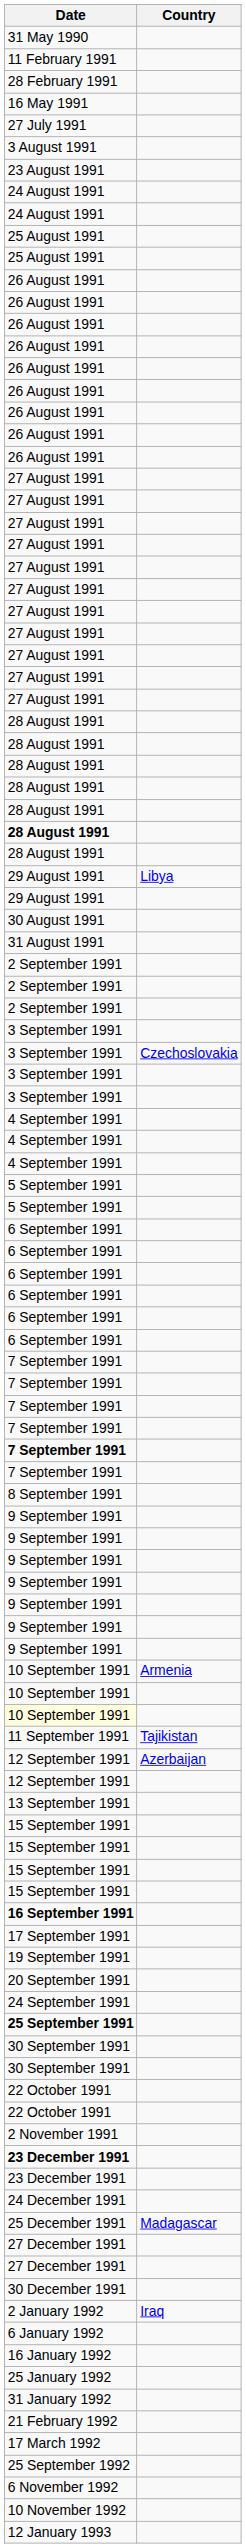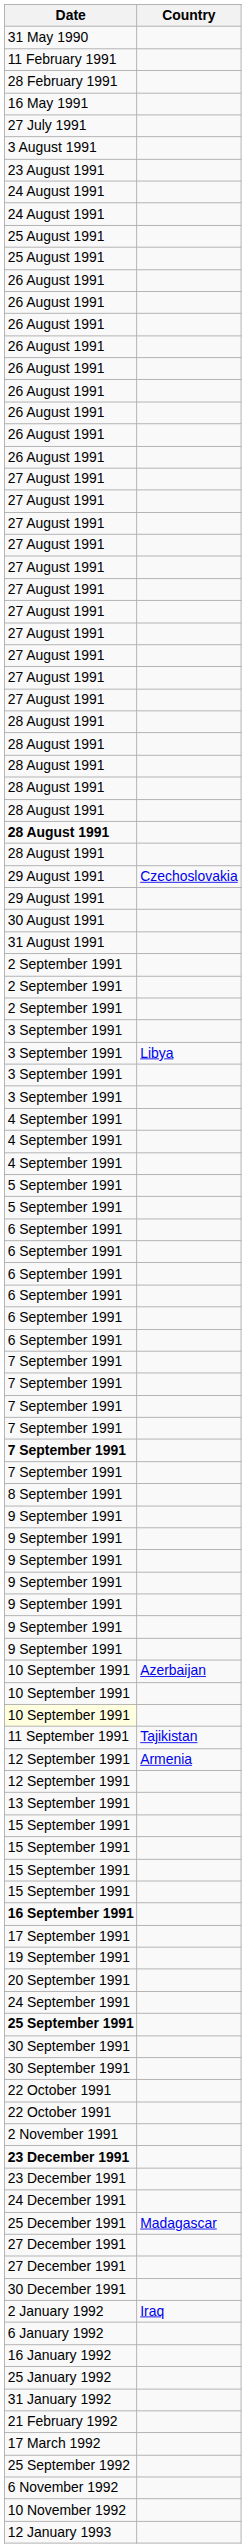 <table class="wikitable sortable">
 <tr>
 <th scope="col" data-sort-type="date">Date</th>
 <th scope="col">Country</th>
 </tr>
 <tr>
 <td>31 May 1990</td>
 <td></td>
 </tr>
 <tr>
 <td>11 February 1991</td>
 <td></td>
 </tr>
 <tr>
 <td>28 February 1991</td>
 <td></td>
 </tr>
 <tr>
 <td>16 May 1991</td>
 <td></td>
 </tr>
 <tr>
 <td>27 July 1991</td>
 <td></td>
 </tr>
 <tr>
 <td>3 August 1991</td>
 <td></td>
 </tr>
 <tr>
 <td>23 August 1991</td>
 <td></td>
 </tr>
 <tr>
 <td>24 August 1991</td>
 <td></td>
 </tr>
 <tr>
 <td>24 August 1991</td>
 <td></td>
 </tr>
 <tr>
 <td>25 August 1991</td>
 <td></td>
 </tr>
 <tr>
 <td>25 August 1991</td>
 <td></td>
 </tr>
 <tr>
 <td>26 August 1991</td>
 <td></td>
 </tr>
 <tr>
 <td>26 August 1991</td>
 <td></td>
 </tr>
 <tr>
 <td>26 August 1991</td>
 <td></td>
 </tr>
 <tr>
 <td>26 August 1991</td>
 <td></td>
 </tr>
 <tr>
 <td>26 August 1991</td>
 <td></td>
 </tr>
 <tr>
 <td>26 August 1991</td>
 <td></td>
 </tr>
 <tr>
 <td>26 August 1991</td>
 <td></td>
 </tr>
 <tr>
 <td>26 August 1991</td>
 <td></td>
 </tr>
 <tr>
 <td>26 August 1991</td>
 <td></td>
 </tr>
 <tr>
 <td>27 August 1991</td>
 <td></td>
 </tr>
 <tr>
 <td>27 August 1991</td>
 <td></td>
 </tr>
 <tr>
 <td>27 August 1991</td>
 <td></td>
 </tr>
 <tr>
 <td>27 August 1991</td>
 <td></td>
 </tr>
 <tr>
 <td>27 August 1991</td>
 <td></td>
 </tr>
 <tr>
 <td>27 August 1991</td>
 <td></td>
 </tr>
 <tr>
 <td>27 August 1991</td>
 <td></td>
 </tr>
 <tr>
 <td>27 August 1991</td>
 <td></td>
 </tr>
 <tr>
 <td>27 August 1991</td>
 <td></td>
 </tr>
 <tr>
 <td>27 August 1991</td>
 <td></td>
 </tr>
 <tr>
 <td>27 August 1991</td>
 <td></td>
 </tr>
 <tr>
 <td>28 August 1991</td>
 <td></td>
 </tr>
 <tr>
 <td>28 August 1991</td>
 <td></td>
 </tr>
 <tr>
 <td>28 August 1991</td>
 <td></td>
 </tr>
 <tr>
 <td>28 August 1991</td>
 <td></td>
 </tr>
 <tr>
 <td>28 August 1991</td>
 <td></td>
 </tr>
 <tr>
 <td><strong>28 August 1991</strong></td>
 <td></td>
 </tr>
 <tr>
 <td>28 August 1991</td>
 <td></td>
 </tr>
 <tr>
 <td>29 August 1991</td>
-<td> <a href='#'>Libya</a></td>
+<td> <a href='#'>Czechoslovakia</a></td>
 </tr>
 <tr>
 <td>29 August 1991</td>
 <td></td>
 </tr>
 <tr>
 <td>30 August 1991</td>
 <td></td>
 </tr>
 <tr>
 <td>31 August 1991</td>
 <td></td>
 </tr>
 <tr>
 <td>2 September 1991</td>
 <td></td>
 </tr>
 <tr>
 <td>2 September 1991</td>
 <td></td>
 </tr>
 <tr>
 <td>2 September 1991</td>
 <td></td>
 </tr>
 <tr>
 <td>3 September 1991</td>
 <td></td>
 </tr>
 <tr>
 <td>3 September 1991</td>
-<td> <a href='#'>Czechoslovakia</a></td>
+<td> <a href='#'>Libya</a></td>
 </tr>
 <tr>
 <td>3 September 1991</td>
 <td></td>
 </tr>
 <tr>
 <td>3 September 1991</td>
 <td></td>
 </tr>
 <tr>
 <td>4 September 1991</td>
 <td></td>
 </tr>
 <tr>
 <td>4 September 1991</td>
 <td></td>
 </tr>
 <tr>
 <td>4 September 1991</td>
 <td></td>
 </tr>
 <tr>
 <td>5 September 1991</td>
 <td></td>
 </tr>
 <tr>
 <td>5 September 1991</td>
 <td></td>
 </tr>
 <tr>
 <td>6 September 1991</td>
 <td></td>
 </tr>
 <tr>
 <td>6 September 1991</td>
 <td></td>
 </tr>
 <tr>
 <td>6 September 1991</td>
 <td></td>
 </tr>
 <tr>
 <td>6 September 1991</td>
 <td></td>
 </tr>
 <tr>
 <td>6 September 1991</td>
 <td></td>
 </tr>
 <tr>
 <td>6 September 1991</td>
 <td></td>
 </tr>
 <tr>
 <td>7 September 1991</td>
 <td></td>
 </tr>
 <tr>
 <td>7 September 1991</td>
 <td></td>
 </tr>
 <tr>
 <td>7 September 1991</td>
 <td></td>
 </tr>
 <tr>
 <td>7 September 1991</td>
 <td></td>
 </tr>
 <tr>
 <td><strong>7 September 1991</strong></td>
 <td></td>
 </tr>
 <tr>
 <td>7 September 1991</td>
 <td></td>
 </tr>
 <tr>
 <td>8 September 1991</td>
 <td></td>
 </tr>
 <tr>
 <td>9 September 1991</td>
 <td></td>
 </tr>
 <tr>
 <td>9 September 1991</td>
 <td></td>
 </tr>
 <tr>
 <td>9 September 1991</td>
 <td></td>
 </tr>
 <tr>
 <td>9 September 1991</td>
 <td></td>
 </tr>
 <tr>
 <td>9 September 1991</td>
 <td></td>
 </tr>
 <tr>
 <td>9 September 1991</td>
 <td></td>
 </tr>
 <tr>
 <td>9 September 1991</td>
 <td></td>
 </tr>
 <tr>
 <td>10 September 1991</td>
-<td> <a href='#'>Armenia</a></td>
+<td> <a href='#'>Azerbaijan</a></td>
 </tr>
 <tr>
 <td>10 September 1991</td>
 <td></td>
 </tr>
 <tr>
 <td style="background: lightyellow;">10 September 1991</td>
 <td></td>
 </tr>
 <tr>
 <td>11 September 1991</td>
 <td> <a href='#'>Tajikistan</a></td>
 </tr>
 <tr>
 <td>12 September 1991</td>
-<td> <a href='#'>Azerbaijan</a></td>
+<td> <a href='#'>Armenia</a></td>
 </tr>
 <tr>
 <td>12 September 1991</td>
 <td></td>
 </tr>
 <tr>
 <td>13 September 1991</td>
 <td></td>
 </tr>
 <tr>
 <td>15 September 1991</td>
 <td></td>
 </tr>
 <tr>
 <td>15 September 1991</td>
 <td></td>
 </tr>
 <tr>
 <td>15 September 1991</td>
 <td></td>
 </tr>
 <tr>
 <td>15 September 1991</td>
 <td></td>
 </tr>
 <tr>
 <td><strong>16 September 1991</strong></td>
 <td></td>
 </tr>
 <tr>
 <td>17 September 1991</td>
 <td></td>
 </tr>
 <tr>
 <td>19 September 1991</td>
 <td></td>
 </tr>
 <tr>
 <td>20 September 1991</td>
 <td></td>
 </tr>
 <tr>
 <td>24 September 1991</td>
 <td></td>
 </tr>
 <tr>
 <td><strong>25 September 1991</strong></td>
 <td></td>
 </tr>
 <tr>
 <td>30 September 1991</td>
 <td></td>
 </tr>
 <tr>
 <td>30 September 1991</td>
 <td></td>
 </tr>
 <tr>
 <td>22 October 1991</td>
 <td></td>
 </tr>
 <tr>
 <td>22 October 1991</td>
 <td></td>
 </tr>
 <tr>
 <td>2 November 1991</td>
 <td></td>
 </tr>
 <tr>
 <td><strong>23 December 1991</strong></td>
 <td></td>
 </tr>
 <tr>
 <td>23 December 1991</td>
 <td></td>
 </tr>
 <tr>
 <td>24 December 1991</td>
 <td></td>
 </tr>
 <tr>
 <td>25 December 1991</td>
 <td> <a href='#'>Madagascar</a></td>
 </tr>
 <tr>
 <td>27 December 1991</td>
 <td></td>
 </tr>
 <tr>
 <td>27 December 1991</td>
 <td></td>
 </tr>
 <tr>
 <td>30 December 1991</td>
 <td></td>
 </tr>
 <tr>
 <td>2 January 1992</td>
 <td> <a href='#'>Iraq</a></td>
 </tr>
 <tr>
 <td>6 January 1992</td>
 <td></td>
 </tr>
 <tr>
 <td>16 January 1992</td>
 <td></td>
 </tr>
 <tr>
 <td>25 January 1992</td>
 <td></td>
 </tr>
 <tr>
 <td>31 January 1992</td>
 <td></td>
 </tr>
 <tr>
 <td>21 February 1992</td>
 <td></td>
 </tr>
 <tr>
 <td>17 March 1992</td>
 <td></td>
 </tr>
 <tr>
 <td>25 September 1992</td>
 <td></td>
 </tr>
 <tr>
 <td>6 November 1992</td>
 <td></td>
 </tr>
 <tr>
 <td>10 November 1992</td>
 <td></td>
 </tr>
 <tr>
 <td>12 January 1993</td>
 <td></td>
 </tr>
 </table>
